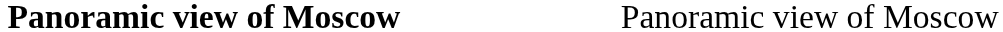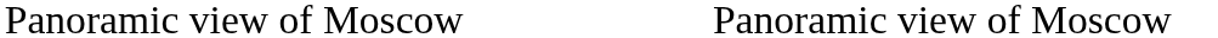 <table class="graytable" style="text-align:center">
 <tr>
 <td style="width:33%;"></td>
 <td style="width:33%;"></td>
 </tr>
 <tr>
-<td><strong>Panoramic view of Moscow</strong></td>
+<td>Panoramic view of Moscow</td>
 <td>Panoramic view of Moscow</td>
 </tr>
 </table>
